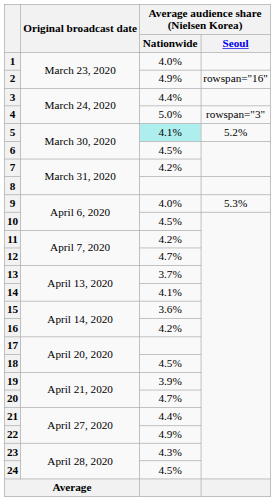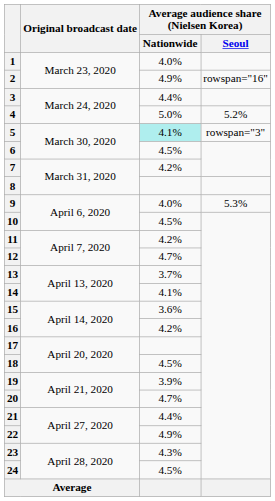 <table class="wikitable" style="text-align:center">
 <tr>
 <th rowspan="2"></th>
 <th rowspan="2">Original broadcast date</th>
 <th colspan="2">Average audience share<br>(Nielsen Korea)</th>
 </tr>
 <tr>
 <th width="80">Nationwide</th>
 <th width="80"><a href='#'>Seoul</a></th>
 </tr>
 <tr>
 <th>1</th>
 <td rowspan="2">March 23, 2020</td>
 <td>4.0% </td>
 <td> </td>
 </tr>
 <tr>
 <th>2</th>
 <td>4.9% </td>
 <td>rowspan="16" </td>
 </tr>
 <tr>
 <th>3</th>
 <td rowspan="2">March 24, 2020</td>
 <td>4.4% </td>
 <td></td>
 </tr>
 <tr>
 <th>4</th>
 <td>5.0% </td>
-<td>rowspan="3" </td>
+<td>5.2% </td>
 </tr>
 <tr>
 <th>5</th>
 <td rowspan="2">March 30, 2020</td>
 <td style="background: paleturquoise;">4.1% </td>
-<td>5.2% </td>
+<td>rowspan="3" </td>
 </tr>
 <tr>
 <th>6</th>
 <td>4.5% </td>
 </tr>
 <tr>
 <th>7</th>
 <td rowspan="2">March 31, 2020</td>
 <td>4.2% </td>
 </tr>
 <tr>
 <th>8</th>
 <td> </td>
 <td> </td>
 </tr>
 <tr>
 <th>9</th>
 <td rowspan="2">April 6, 2020</td>
 <td>4.0% </td>
 <td>5.3% </td>
 </tr>
 <tr>
 <th>10</th>
 <td>4.5% </td>
 </tr>
 <tr>
 <th>11</th>
 <td rowspan="2">April 7, 2020</td>
 <td>4.2% </td>
 </tr>
 <tr>
 <th>12</th>
 <td>4.7% </td>
 </tr>
 <tr>
 <th>13</th>
 <td rowspan="2">April 13, 2020</td>
 <td>3.7% </td>
 </tr>
 <tr>
 <th>14</th>
 <td>4.1% </td>
 </tr>
 <tr>
 <th>15</th>
 <td rowspan="2">April 14, 2020</td>
 <td>3.6% </td>
 </tr>
 <tr>
 <th>16</th>
 <td>4.2% </td>
 </tr>
 <tr>
 <th>17</th>
 <td rowspan="2">April 20, 2020</td>
 <td> </td>
 </tr>
 <tr>
 <th>18</th>
 <td>4.5% </td>
 </tr>
 <tr>
 <th>19</th>
 <td rowspan="2">April 21, 2020</td>
 <td>3.9% </td>
 </tr>
 <tr>
 <th>20</th>
 <td>4.7% </td>
 </tr>
 <tr>
 <th>21</th>
 <td rowspan="2">April 27, 2020</td>
 <td>4.4% </td>
 </tr>
 <tr>
 <th>22</th>
 <td>4.9% </td>
 </tr>
 <tr>
 <th>23</th>
 <td rowspan="2">April 28, 2020</td>
 <td>4.3% </td>
 </tr>
 <tr>
 <th>24</th>
 <td>4.5% </td>
 </tr>
 <tr>
 <th colspan="2">Average</th>
 <th></th>
 <th></th>
 </tr>
 </table>
